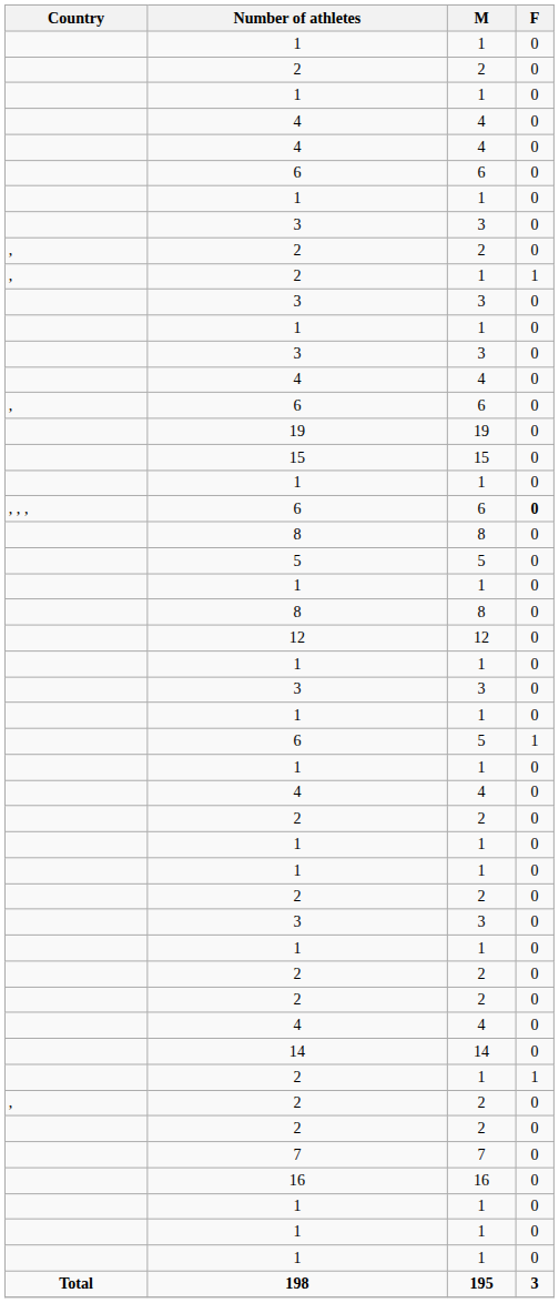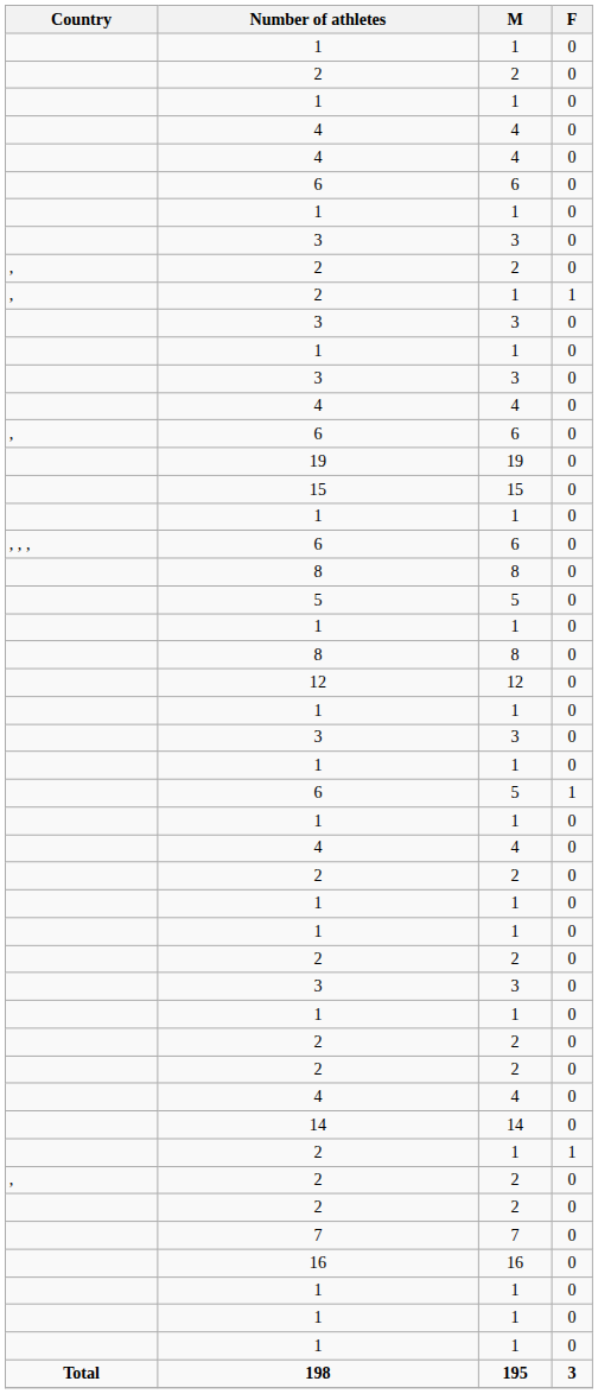 <table class="wikitable sortable" width=40% style="font-size:90%; text-align:center;">
 <tr>
 <th>Country</th>
 <th>Number of athletes</th>
 <th>M</th>
 <th>F</th>
 </tr>
 <tr>
 <td align=left></td>
 <td>1</td>
 <td>1</td>
 <td>0</td>
 </tr>
 <tr>
 <td align=left></td>
 <td>2</td>
 <td>2</td>
 <td>0</td>
 </tr>
 <tr>
 <td align=left></td>
 <td>1</td>
 <td>1</td>
 <td>0</td>
 </tr>
 <tr>
 <td align=left></td>
 <td>4</td>
 <td>4</td>
 <td>0</td>
 </tr>
 <tr>
 <td align=left></td>
 <td>4</td>
 <td>4</td>
 <td>0</td>
 </tr>
 <tr>
 <td align=left></td>
 <td>6</td>
 <td>6</td>
 <td>0</td>
 </tr>
 <tr>
 <td align=left></td>
 <td>1</td>
 <td>1</td>
 <td>0</td>
 </tr>
 <tr>
 <td align=left></td>
 <td>3</td>
 <td>3</td>
 <td>0</td>
 </tr>
 <tr>
 <td align=left>, </td>
 <td>2</td>
 <td>2</td>
 <td>0</td>
 </tr>
 <tr>
 <td align=left>, </td>
 <td>2</td>
 <td>1</td>
 <td>1</td>
 </tr>
 <tr>
 <td align=left></td>
 <td>3</td>
 <td>3</td>
 <td>0</td>
 </tr>
 <tr>
 <td align=left></td>
 <td>1</td>
 <td>1</td>
 <td>0</td>
 </tr>
 <tr>
 <td align=left></td>
 <td>3</td>
 <td>3</td>
 <td>0</td>
 </tr>
 <tr>
 <td align=left></td>
 <td>4</td>
 <td>4</td>
 <td>0</td>
 </tr>
 <tr>
 <td align=left>, </td>
 <td>6</td>
 <td>6</td>
 <td>0</td>
 </tr>
 <tr>
 <td align=left></td>
 <td>19</td>
 <td>19</td>
 <td>0</td>
 </tr>
 <tr>
 <td align=left></td>
 <td>15</td>
 <td>15</td>
 <td>0</td>
 </tr>
 <tr>
 <td align=left></td>
 <td>1</td>
 <td>1</td>
 <td>0</td>
 </tr>
 <tr>
 <td align=left>, , , </td>
 <td>6</td>
 <td>6</td>
-<td><strong>0</strong></td>
+<td>0</td>
 </tr>
 <tr>
 <td align=left></td>
 <td>8</td>
 <td>8</td>
 <td>0</td>
 </tr>
 <tr>
 <td align=left></td>
 <td>5</td>
 <td>5</td>
 <td>0</td>
 </tr>
 <tr>
 <td align=left></td>
 <td>1</td>
 <td>1</td>
 <td>0</td>
 </tr>
 <tr>
 <td align=left></td>
 <td>8</td>
 <td>8</td>
 <td>0</td>
 </tr>
 <tr>
 <td align=left></td>
 <td>12</td>
 <td>12</td>
 <td>0</td>
 </tr>
 <tr>
 <td align=left></td>
 <td>1</td>
 <td>1</td>
 <td>0</td>
 </tr>
 <tr>
 <td align=left></td>
 <td>3</td>
 <td>3</td>
 <td>0</td>
 </tr>
 <tr>
 <td align=left></td>
 <td>1</td>
 <td>1</td>
 <td>0</td>
 </tr>
 <tr>
 <td align=left></td>
 <td>6</td>
 <td>5</td>
 <td>1</td>
 </tr>
 <tr>
 <td align=left></td>
 <td>1</td>
 <td>1</td>
 <td>0</td>
 </tr>
 <tr>
 <td align=left></td>
 <td>4</td>
 <td>4</td>
 <td>0</td>
 </tr>
 <tr>
 <td align=left></td>
 <td>2</td>
 <td>2</td>
 <td>0</td>
 </tr>
 <tr>
 <td align=left></td>
 <td>1</td>
 <td>1</td>
 <td>0</td>
 </tr>
 <tr>
 <td align=left></td>
 <td>1</td>
 <td>1</td>
 <td>0</td>
 </tr>
 <tr>
 <td align=left></td>
 <td>2</td>
 <td>2</td>
 <td>0</td>
 </tr>
 <tr>
 <td align=left></td>
 <td>3</td>
 <td>3</td>
 <td>0</td>
 </tr>
 <tr>
 <td align=left></td>
 <td>1</td>
 <td>1</td>
 <td>0</td>
 </tr>
 <tr>
 <td align=left></td>
 <td>2</td>
 <td>2</td>
 <td>0</td>
 </tr>
 <tr>
 <td align=left></td>
 <td>2</td>
 <td>2</td>
 <td>0</td>
 </tr>
 <tr>
 <td align=left></td>
 <td>4</td>
 <td>4</td>
 <td>0</td>
 </tr>
 <tr>
 <td align=left></td>
 <td>14</td>
 <td>14</td>
 <td>0</td>
 </tr>
 <tr>
 <td align=left></td>
 <td>2</td>
 <td>1</td>
 <td>1</td>
 </tr>
 <tr>
 <td align=left>, </td>
 <td>2</td>
 <td>2</td>
 <td>0</td>
 </tr>
 <tr>
 <td align=left></td>
 <td>2</td>
 <td>2</td>
 <td>0</td>
 </tr>
 <tr>
 <td align=left></td>
 <td>7</td>
 <td>7</td>
 <td>0</td>
 </tr>
 <tr>
 <td align=left></td>
 <td>16</td>
 <td>16</td>
 <td>0</td>
 </tr>
 <tr>
 <td align=left></td>
 <td>1</td>
 <td>1</td>
 <td>0</td>
 </tr>
 <tr>
 <td align=left></td>
 <td>1</td>
 <td>1</td>
 <td>0</td>
 </tr>
 <tr>
 <td align=left></td>
 <td>1</td>
 <td>1</td>
 <td>0</td>
 </tr>
 <tr>
 <td align=centre><strong>Total</strong></td>
 <td><strong>198</strong></td>
 <td><strong>195</strong></td>
 <td><strong>3</strong></td>
 </tr>
 <tr>
 </tr>
 </table>
